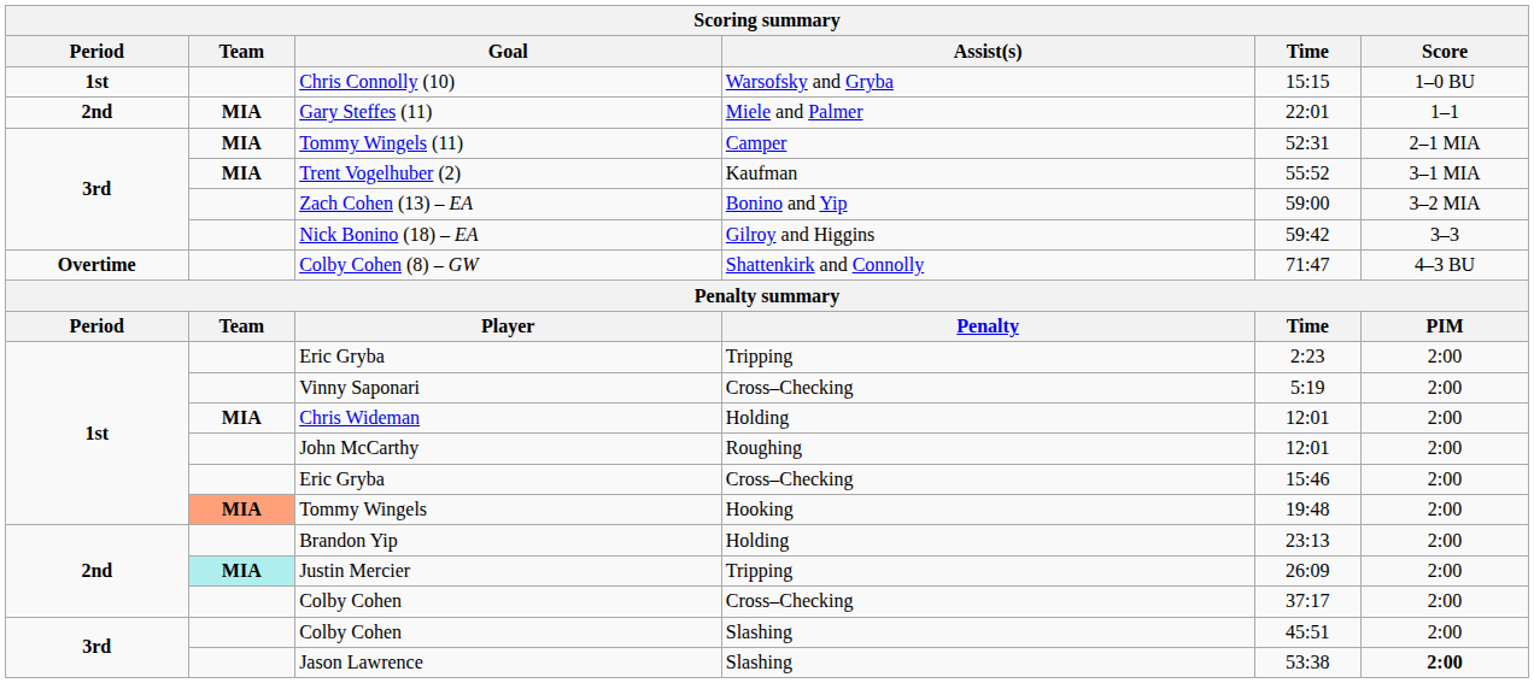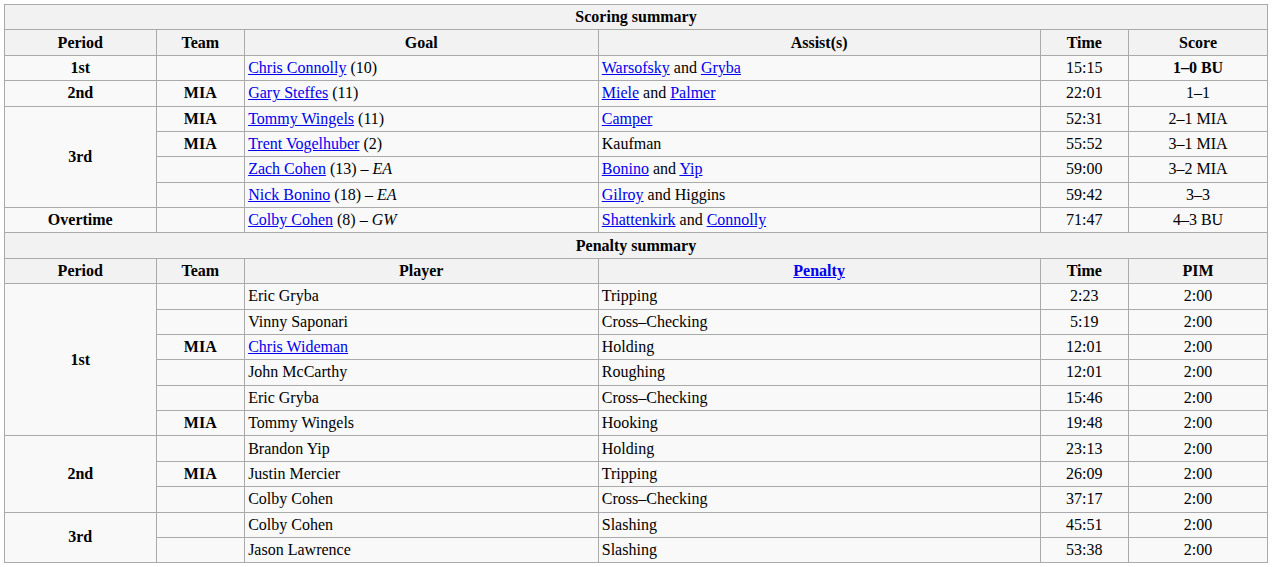 <table style="width:100%;" class="wikitable">
 <tr>
 <th colspan=6>Scoring summary</th>
 </tr>
 <tr>
 <th style="width:12%;">Period</th>
 <th style="width:7%;">Team</th>
 <th style="width:28%;">Goal</th>
 <th style="width:35%;">Assist(s)</th>
 <th style="width:7%;">Time</th>
 <th style="width:11%;">Score</th>
 </tr>
 <tr>
 <td style="text-align:center;" rowspan="1"><strong>1st</strong></td>
 <td align=center style=><strong></strong></td>
 <td><a href='#'>Chris Connolly</a> (10)</td>
 <td><a href='#'>Warsofsky</a> and <a href='#'>Gryba</a></td>
 <td align=center>15:15</td>
-<td align=center>1–0 BU</td>
+<td align=center><strong>1–0 BU</strong></td>
 </tr>
 <tr>
 <td style="text-align:center;" rowspan="1"><strong>2nd</strong></td>
 <td align=center><strong>MIA</strong></td>
 <td><a href='#'>Gary Steffes</a> (11)</td>
 <td><a href='#'>Miele</a> and <a href='#'>Palmer</a></td>
 <td align=center>22:01</td>
 <td align=center>1–1</td>
 </tr>
 <tr>
 <td style="text-align:center;" rowspan="4"><strong>3rd</strong></td>
 <td align=center><strong>MIA</strong></td>
 <td><a href='#'>Tommy Wingels</a> (11)</td>
 <td><a href='#'>Camper</a></td>
 <td align=center>52:31</td>
 <td align=center>2–1 MIA</td>
 </tr>
 <tr>
 <td align=center><strong>MIA</strong></td>
 <td><a href='#'>Trent Vogelhuber</a> (2)</td>
 <td>Kaufman</td>
 <td align=center>55:52</td>
 <td align=center>3–1 MIA</td>
 </tr>
 <tr>
 <td align=center style=><strong></strong></td>
 <td><a href='#'>Zach Cohen</a> (13) – <em>EA</em></td>
 <td><a href='#'>Bonino</a> and <a href='#'>Yip</a></td>
 <td align=center>59:00</td>
 <td align=center>3–2 MIA</td>
 </tr>
 <tr>
 <td align=center style=><strong></strong></td>
 <td><a href='#'>Nick Bonino</a> (18) – <em>EA</em></td>
 <td><a href='#'>Gilroy</a> and Higgins</td>
 <td align=center>59:42</td>
 <td align=center>3–3</td>
 </tr>
 <tr>
 <td style="text-align:center;" rowspan="1"><strong>Overtime</strong></td>
 <td align=center style=><strong></strong></td>
 <td><a href='#'>Colby Cohen</a> (8) – <em>GW</em></td>
 <td><a href='#'>Shattenkirk</a> and <a href='#'>Connolly</a></td>
 <td align=center>71:47</td>
 <td align=center>4–3 BU</td>
 </tr>
 <tr>
 <th colspan=6>Penalty summary</th>
 </tr>
 <tr>
 <th style="width:12%;">Period</th>
 <th style="width:7%;">Team</th>
 <th style="width:28%;">Player</th>
 <th style="width:35%;"><a href='#'>Penalty</a></th>
 <th style="width:7%;">Time</th>
 <th style="width:11%;">PIM</th>
 </tr>
 <tr>
 <td style="text-align:center;" rowspan="6"><strong>1st</strong></td>
 <td align=center style=><strong></strong></td>
 <td>Eric Gryba</td>
 <td>Tripping</td>
 <td align=center>2:23</td>
 <td align=center>2:00</td>
 </tr>
 <tr>
 <td align=center style=><strong></strong></td>
 <td>Vinny Saponari</td>
 <td>Cross–Checking</td>
 <td align=center>5:19</td>
 <td align=center>2:00</td>
 </tr>
 <tr>
 <td align=center><strong>MIA</strong></td>
 <td><a href='#'>Chris Wideman</a></td>
 <td>Holding</td>
 <td align=center>12:01</td>
 <td align=center>2:00</td>
 </tr>
 <tr>
 <td align=center style=><strong></strong></td>
 <td>John McCarthy</td>
 <td>Roughing</td>
 <td align=center>12:01</td>
 <td align=center>2:00</td>
 </tr>
 <tr>
 <td align=center style=><strong></strong></td>
 <td>Eric Gryba</td>
 <td>Cross–Checking</td>
 <td align=center>15:46</td>
 <td align=center>2:00</td>
 </tr>
 <tr>
-<td align=center style="background: lightsalmon;"><strong>MIA</strong></td>
+<td align=center><strong>MIA</strong></td>
 <td>Tommy Wingels</td>
 <td>Hooking</td>
 <td align=center>19:48</td>
 <td align=center>2:00</td>
 </tr>
 <tr>
 <td style="text-align:center;" rowspan="3"><strong>2nd</strong></td>
 <td align=center style=><strong></strong></td>
 <td>Brandon Yip</td>
 <td>Holding</td>
 <td align=center>23:13</td>
 <td align=center>2:00</td>
 </tr>
 <tr>
-<td align=center style="background: paleturquoise;"><strong>MIA</strong></td>
+<td align=center><strong>MIA</strong></td>
 <td>Justin Mercier</td>
 <td>Tripping</td>
 <td align=center>26:09</td>
 <td align=center>2:00</td>
 </tr>
 <tr>
 <td align=center style=><strong></strong></td>
 <td>Colby Cohen</td>
 <td>Cross–Checking</td>
 <td align=center>37:17</td>
 <td align=center>2:00</td>
 </tr>
 <tr>
 <td style="text-align:center;" rowspan="2"><strong>3rd</strong></td>
 <td align=center style=><strong></strong></td>
 <td>Colby Cohen</td>
 <td>Slashing</td>
 <td align=center>45:51</td>
 <td align=center>2:00</td>
 </tr>
 <tr>
 <td align=center style=><strong></strong></td>
 <td>Jason Lawrence</td>
 <td>Slashing</td>
 <td align=center>53:38</td>
-<td align=center><strong>2:00</strong></td>
+<td align=center>2:00</td>
 </tr>
 <tr>
 </tr>
 </table>
